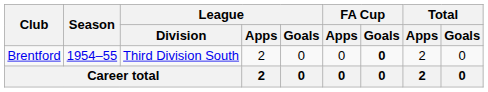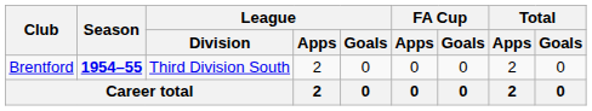 <table class="wikitable" style="text-align: center;">
 <tr>
 <th rowspan="2">Club</th>
 <th rowspan="2">Season</th>
 <th colspan="3">League</th>
 <th colspan="2">FA Cup</th>
 <th colspan="2">Total</th>
 </tr>
 <tr>
 <th>Division</th>
 <th>Apps</th>
 <th>Goals</th>
 <th>Apps</th>
 <th>Goals</th>
 <th>Apps</th>
 <th>Goals</th>
 </tr>
 <tr>
 <td><a href='#'>Brentford</a></td>
-<td><a href='#'>1954–55</a></td>
+<td><strong><a href='#'>1954–55</a></strong></td>
 <td><a href='#'>Third Division South</a></td>
 <td>2</td>
 <td>0</td>
 <td>0</td>
-<td><strong>0</strong></td>
+<td>0</td>
 <td>2</td>
 <td>0</td>
 </tr>
 <tr>
 <th colspan="3">Career total</th>
 <th>2</th>
 <th>0</th>
 <th>0</th>
 <th>0</th>
 <th>2</th>
 <th>0</th>
 </tr>
 </table>
